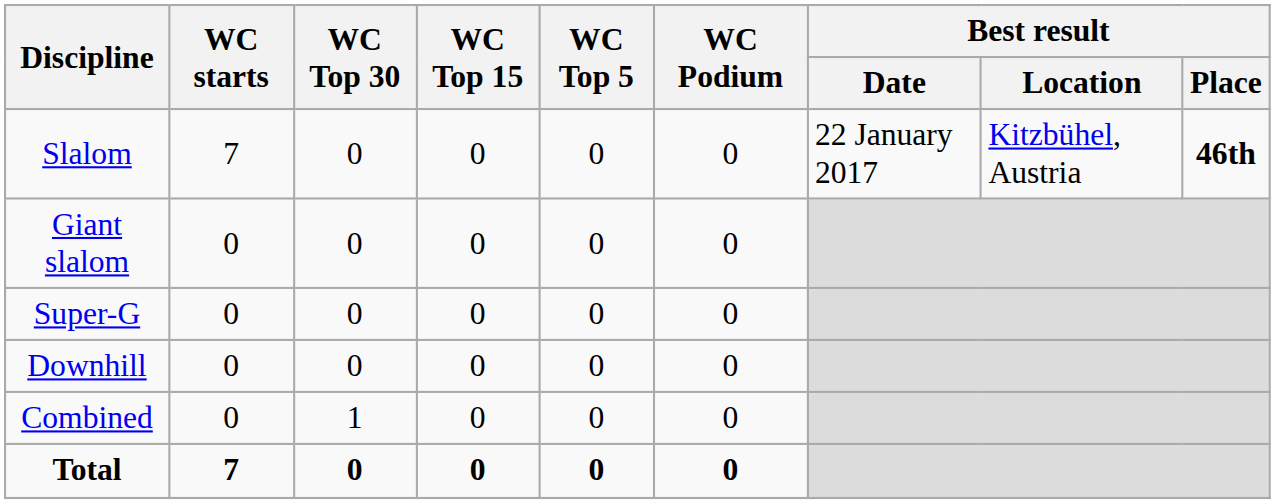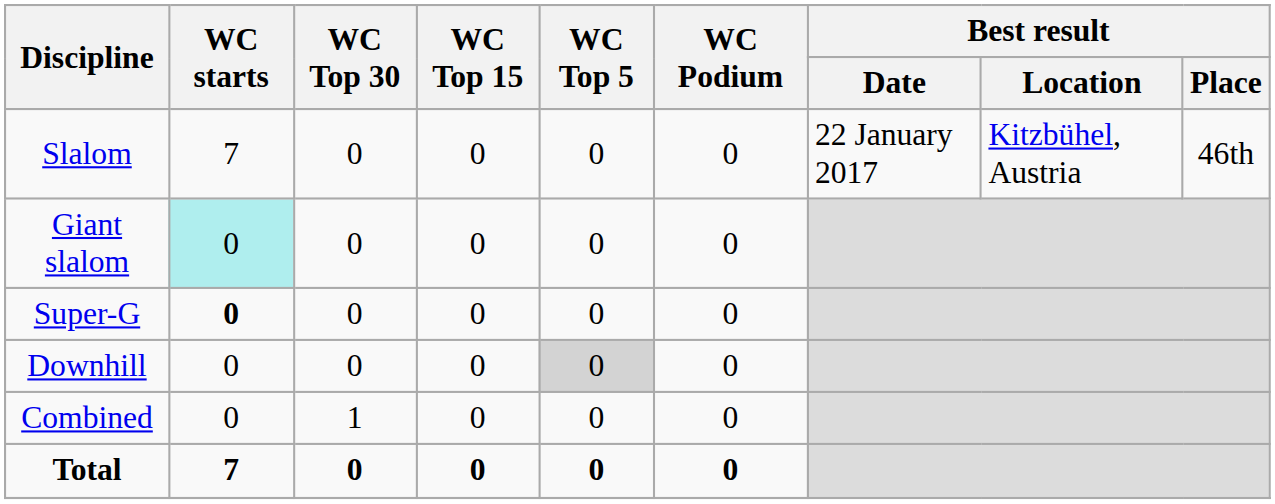 <table class="wikitable" style="text-align:center; font-size:95%;">
 <tr>
 <th rowspan=2>Discipline</th>
 <th rowspan=2>WC starts</th>
 <th rowspan=2>WC Top 30</th>
 <th rowspan=2>WC Top 15</th>
 <th rowspan=2>WC Top 5</th>
 <th rowspan=2>WC Podium</th>
 <th colspan=3>Best result</th>
 </tr>
 <tr>
 <th>Date</th>
 <th>Location</th>
 <th>Place</th>
 </tr>
 <tr>
 <td align=center><a href='#'>Slalom</a></td>
 <td align=center>7</td>
 <td align=center>0</td>
 <td align=center>0</td>
 <td align=center>0</td>
 <td align=center>0</td>
 <td align=left>22 January 2017</td>
 <td align=left> <a href='#'>Kitzbühel</a>, Austria</td>
-<td><strong>46th</strong></td>
+<td>46th</td>
 </tr>
 <tr>
 <td align=center><a href='#'>Giant slalom</a></td>
-<td align=center>0</td>
+<td align=center style="background: paleturquoise;">0</td>
 <td align=center>0</td>
 <td align=center>0</td>
 <td align=center>0</td>
 <td align=center>0</td>
 <td colspan=3 bgcolor=#DCDCDC></td>
 </tr>
 <tr>
 <td align=center><a href='#'>Super-G</a></td>
-<td align=center>0</td>
+<td align=center><strong>0</strong></td>
 <td align=center>0</td>
 <td align=center>0</td>
 <td align=center>0</td>
 <td align=center>0</td>
 <td colspan=3 bgcolor=#DCDCDC></td>
 </tr>
 <tr>
 <td align=center><a href='#'>Downhill</a></td>
 <td align=center>0</td>
 <td align=center>0</td>
 <td align=center>0</td>
-<td align=center>0</td>
+<td align=center style="background: lightgrey;">0</td>
 <td align=center>0</td>
 <td colspan=3 bgcolor=#DCDCDC></td>
 </tr>
 <tr>
 <td align=center><a href='#'>Combined</a></td>
 <td align=center>0</td>
 <td align=center>1</td>
 <td align=center>0</td>
 <td align=center>0</td>
 <td align=center>0</td>
 <td colspan=3 bgcolor=#DCDCDC></td>
 </tr>
 <tr>
 <td align=center><strong>Total</strong></td>
 <td align=center><strong>7</strong></td>
 <td align=center><strong>0</strong></td>
 <td align=center><strong>0</strong></td>
 <td align=center><strong>0</strong></td>
 <td align=center><strong>0</strong></td>
 <td colspan=3 bgcolor=#DCDCDC></td>
 </tr>
 <tr>
 </tr>
 </table>
